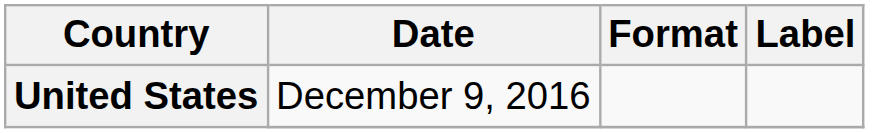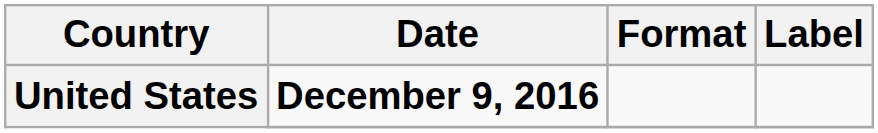 <table class="wikitable plainrowheaders">
 <tr>
 <th scope="col">Country</th>
 <th scope="col">Date</th>
 <th scope="col">Format</th>
 <th scope="col">Label</th>
 </tr>
 <tr>
 <th scope="row" rowspan="2">United States</th>
-<td>December 9, 2016</td>
+<td><strong>December 9, 2016</strong></td>
 <td></td>
 <td></td>
 </tr>
 <tr>
 </tr>
 </table>
